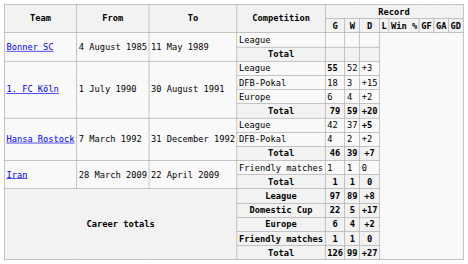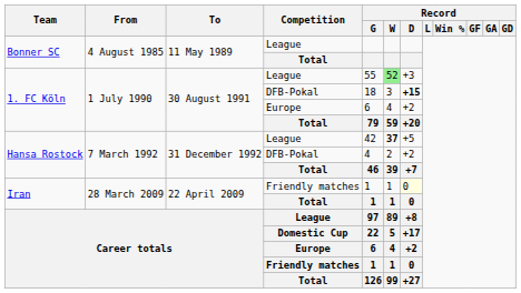 <table class="wikitable" style="text-align: center">
 <tr>
 <th rowspan=2>Team</th>
 <th rowspan=2>From</th>
 <th rowspan=2>To</th>
 <th rowspan=2>Competition</th>
 <th colspan=8>Record</th>
 </tr>
 <tr>
 <th>G</th>
 <th>W</th>
 <th>D</th>
 <th>L</th>
 <th>Win %</th>
 <th>GF</th>
 <th>GA</th>
 <th>GD</th>
 </tr>
 <tr>
 <td rowspan=2 align=left><a href='#'>Bonner SC</a></td>
 <td rowspan=2 align=left>4 August 1985</td>
 <td rowspan=2 align=left>11 May 1989</td>
 <td align=left>League<br></td>
 <td align=left></td>
 <td align=left></td>
 <td align=left></td>
 </tr>
 <tr>
 <th>Total<br></th>
 <th align=left></th>
 <th align=left></th>
 <th align=left></th>
 </tr>
 <tr>
 <td rowspan=4 align=left><a href='#'>1. FC Köln</a></td>
 <td rowspan=4 align=left>1 July 1990</td>
 <td rowspan=4 align=left>30 August 1991</td>
 <td align=left>League<br></td>
-<td align=left><strong>55</strong></td>
-<td align=left>52</td>
+<td align=left>55</td>
+<td align=left style="background: lightgreen;">52</td>
 <td align=left>+3</td>
 </tr>
 <tr>
 <td align=left>DFB-Pokal<br></td>
 <td align=left>18</td>
 <td align=left>3</td>
-<td align=left>+15</td>
+<td align=left><strong>+15</strong></td>
 </tr>
 <tr>
 <td align=left>Europe<br></td>
 <td align=left>6</td>
 <td align=left>4</td>
 <td align=left>+2</td>
 </tr>
 <tr>
 <th>Total<br></th>
 <th align=left>79</th>
 <th align=left>59</th>
 <th align=left>+20</th>
 </tr>
 <tr>
 <td rowspan=3 align=left><a href='#'>Hansa Rostock</a></td>
 <td rowspan=3 align=left>7 March 1992</td>
 <td rowspan=3 align=left>31 December 1992</td>
 <td align=left>League<br></td>
 <td align=left>42</td>
-<td align=left>37</td>
-<td align=left><strong>+5</strong></td>
+<td align=left><strong>37</strong></td>
+<td align=left>+5</td>
 </tr>
 <tr>
 <td align=left>DFB-Pokal<br></td>
 <td align=left>4</td>
 <td align=left>2</td>
 <td align=left>+2</td>
 </tr>
 <tr>
 <th>Total<br></th>
 <th align=left>46</th>
 <th align=left>39</th>
 <th align=left>+7</th>
 </tr>
 <tr>
 <td rowspan=2 align=left><a href='#'>Iran</a></td>
 <td rowspan=2 align=left>28 March 2009</td>
 <td rowspan=2 align=left>22 April 2009</td>
 <td align=left>Friendly matches<br></td>
 <td align=left>1</td>
 <td align=left>1</td>
-<td align=left>0</td>
+<td align=left style="background: lightyellow;">0</td>
 </tr>
 <tr>
 <th>Total<br></th>
 <th align=left>1</th>
 <th align=left>1</th>
 <th align=left>0</th>
 </tr>
 <tr>
 <th rowspan=5 colspan=3>Career totals</th>
 <th>League<br></th>
 <th align=left>97</th>
 <th align=left>89</th>
 <th align=left>+8</th>
 </tr>
 <tr>
 <th>Domestic Cup<br></th>
 <th align=left>22</th>
 <th align=left>5</th>
 <th align=left>+17</th>
 </tr>
 <tr>
 <th>Europe<br></th>
 <th align=left>6</th>
 <th align=left>4</th>
 <th align=left>+2</th>
 </tr>
 <tr>
 <th>Friendly matches<br></th>
 <th align=left>1</th>
 <th align=left>1</th>
 <th align=left>0</th>
 </tr>
 <tr>
 <th>Total<br></th>
 <th align=left>126</th>
 <th align=left>99</th>
 <th align=left>+27</th>
 </tr>
 </table>
